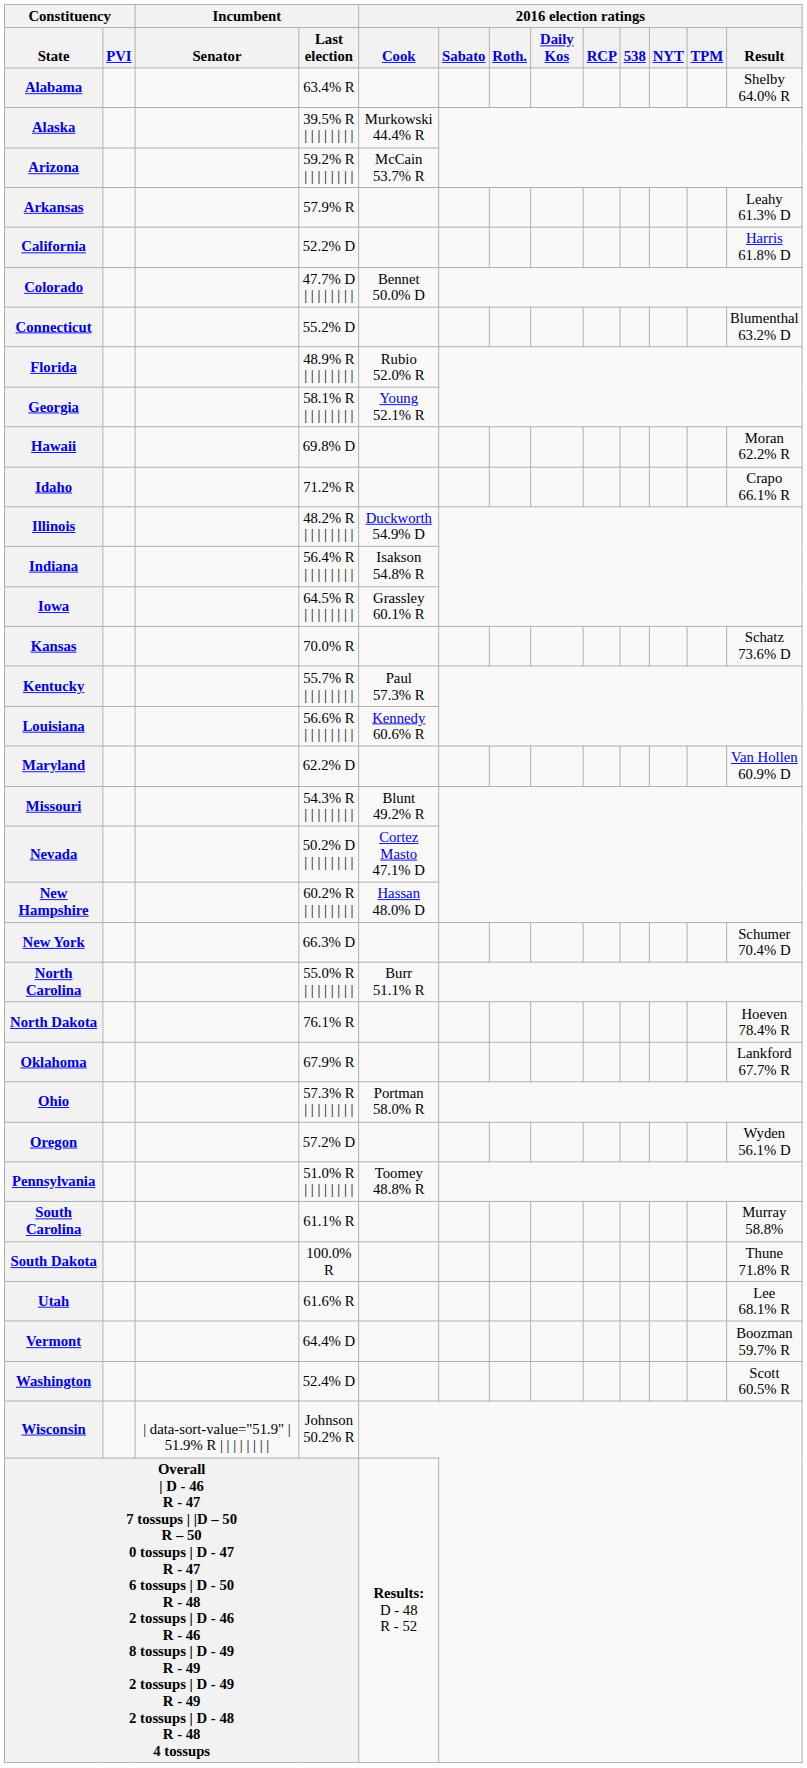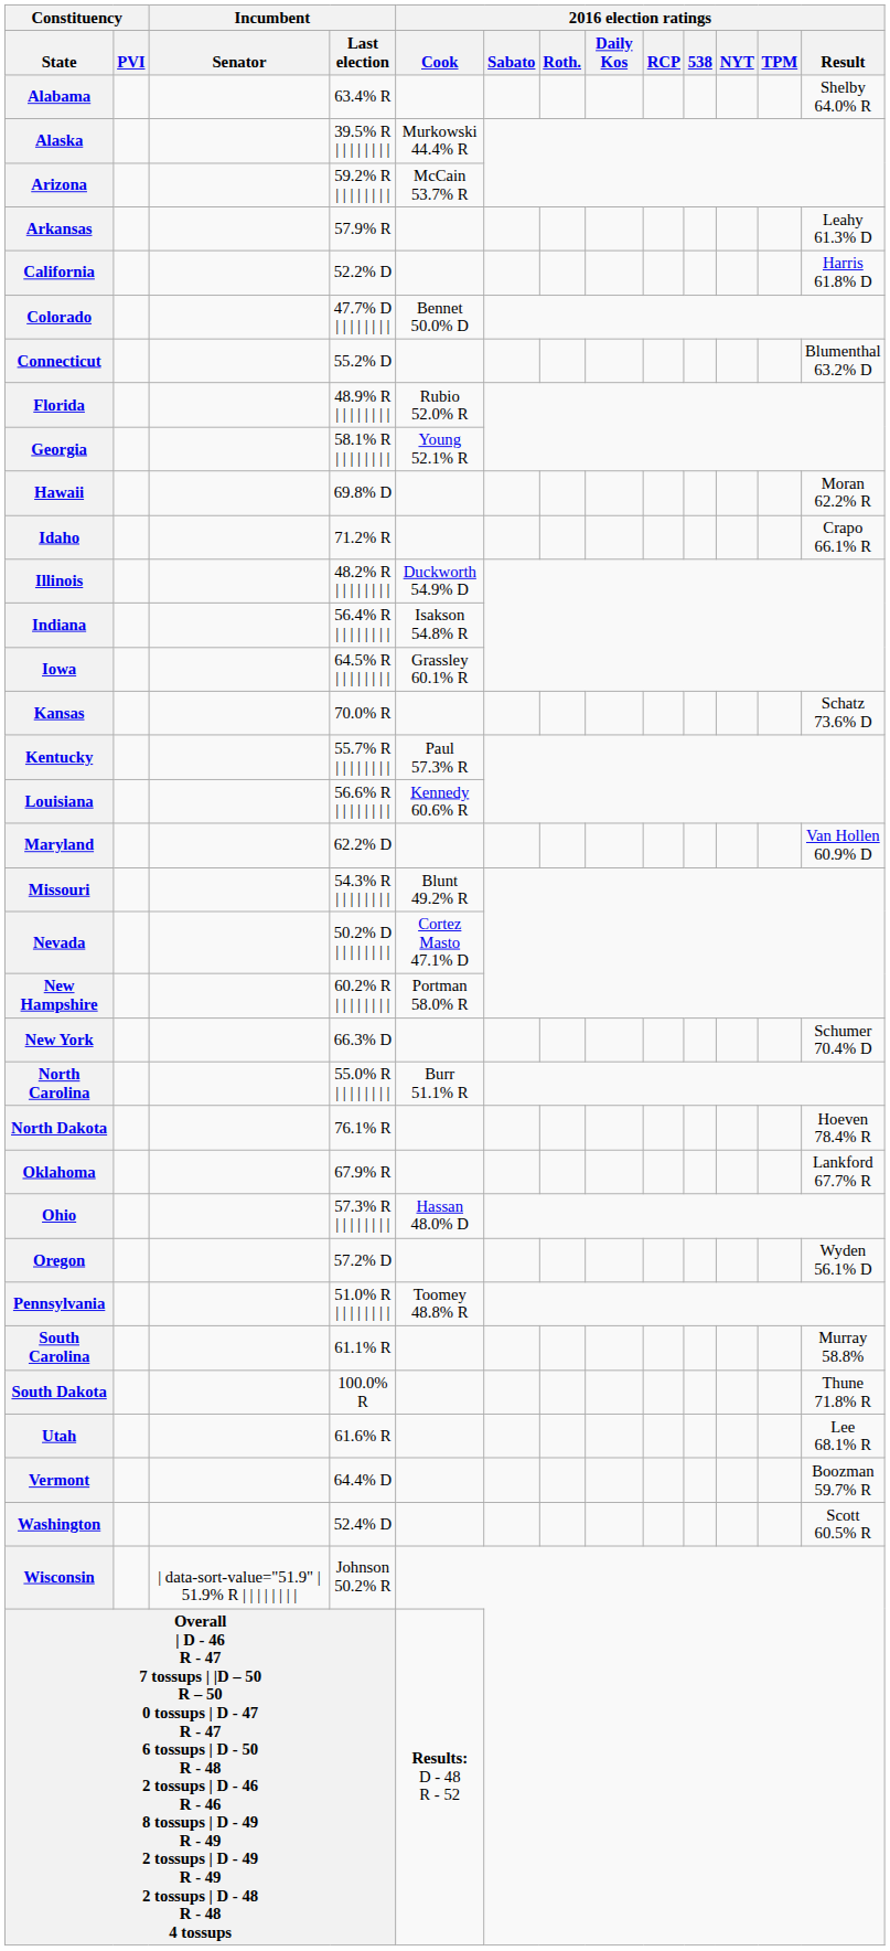 <table class="wikitable sortable" style="text-align:center">
 <tr style="vertical-align:bottom">
 <th colspan=2>Constituency</th>
 <th colspan=2>Incumbent</th>
 <th colspan="9">2016 election ratings</th>
 </tr>
 <tr style="vertical-align:bottom">
 <th>State</th>
 <th><a href='#'>PVI</a></th>
 <th>Senator</th>
 <th data-sort-type="number">Last<br>election</th>
 <th><a href='#'>Cook</a><br></th>
 <th><a href='#'>Sabato</a><br></th>
 <th><a href='#'>Roth.</a><br></th>
 <th><a href='#'>Daily Kos</a><br></th>
 <th><a href='#'>RCP</a><br></th>
 <th><a href='#'>538</a><br></th>
 <th><a href='#'>NYT</a><br></th>
 <th><a href='#'>TPM</a><br></th>
 <th>Result</th>
 </tr>
 <tr>
 <th><a href='#'>Alabama</a></th>
 <td></td>
 <td></td>
 <td>63.4% R</td>
 <td></td>
 <td></td>
 <td></td>
 <td></td>
 <td></td>
 <td></td>
 <td></td>
 <td></td>
 <td>Shelby<br>64.0% R</td>
 </tr>
 <tr>
 <th><a href='#'>Alaska</a></th>
 <td></td>
 <td></td>
 <td>39.5% R<br>|  |  |  |  |  |  |  | </td>
 <td>Murkowski<br>44.4% R</td>
 </tr>
 <tr>
 <th><a href='#'>Arizona</a></th>
 <td></td>
 <td></td>
 <td>59.2% R<br>|  |  |  |  |  |  |  | </td>
 <td>McCain<br>53.7% R</td>
 </tr>
 <tr>
 <th><a href='#'>Arkansas</a></th>
 <td></td>
 <td></td>
 <td>57.9% R</td>
 <td></td>
 <td></td>
 <td></td>
 <td></td>
 <td></td>
 <td></td>
 <td></td>
 <td></td>
 <td>Leahy<br>61.3% D</td>
 </tr>
 <tr>
 <th><a href='#'>California</a></th>
 <td></td>
 <td><br></td>
 <td>52.2% D</td>
 <td></td>
 <td></td>
 <td></td>
 <td></td>
 <td></td>
 <td></td>
 <td></td>
 <td></td>
 <td><a href='#'>Harris</a><br>61.8% D</td>
 </tr>
 <tr>
 <th><a href='#'>Colorado</a></th>
 <td></td>
 <td></td>
 <td>47.7% D<br>|  |  |  |  |  |  |  | </td>
 <td>Bennet<br>50.0% D</td>
 </tr>
 <tr>
 <th><a href='#'>Connecticut</a></th>
 <td></td>
 <td></td>
 <td>55.2% D</td>
 <td></td>
 <td></td>
 <td></td>
 <td></td>
 <td></td>
 <td></td>
 <td></td>
 <td></td>
 <td>Blumenthal<br>63.2% D</td>
 </tr>
 <tr>
 <th><a href='#'>Florida</a></th>
 <td></td>
 <td></td>
 <td>48.9% R<br>|  |  |  |  |  |  |  | </td>
 <td>Rubio<br>52.0% R</td>
 </tr>
 <tr>
 <th><a href='#'>Georgia</a></th>
 <td></td>
 <td></td>
 <td>58.1% R<br>|  |  |  |  |  |  |  | </td>
 <td><a href='#'>Young</a><br>52.1% R</td>
 </tr>
 <tr>
 <th><a href='#'>Hawaii</a></th>
 <td></td>
 <td></td>
 <td>69.8% D<br></td>
 <td></td>
 <td></td>
 <td></td>
 <td></td>
 <td></td>
 <td></td>
 <td></td>
 <td></td>
 <td>Moran<br>62.2% R</td>
 </tr>
 <tr>
 <th><a href='#'>Idaho</a></th>
 <td></td>
 <td></td>
 <td>71.2% R</td>
 <td></td>
 <td></td>
 <td></td>
 <td></td>
 <td></td>
 <td></td>
 <td></td>
 <td></td>
 <td>Crapo<br>66.1% R</td>
 </tr>
 <tr>
 <th><a href='#'>Illinois</a></th>
 <td></td>
 <td></td>
 <td>48.2% R<br>|  |  |  |  |  |  |  | </td>
 <td><a href='#'>Duckworth</a><br>54.9% D </td>
 </tr>
 <tr>
 <th><a href='#'>Indiana</a></th>
 <td></td>
 <td><br></td>
 <td>56.4% R<br>|  |  |  |  |  |  |  | </td>
 <td>Isakson<br>54.8% R</td>
 </tr>
 <tr>
 <th><a href='#'>Iowa</a></th>
 <td></td>
 <td></td>
 <td>64.5% R<br>|  |  |  |  |  |  |  | </td>
 <td>Grassley<br>60.1% R</td>
 </tr>
 <tr>
 <th><a href='#'>Kansas</a></th>
 <td></td>
 <td></td>
 <td>70.0% R</td>
 <td></td>
 <td></td>
 <td></td>
 <td></td>
 <td></td>
 <td></td>
 <td></td>
 <td></td>
 <td>Schatz<br>73.6% D</td>
 </tr>
 <tr>
 <th><a href='#'>Kentucky</a></th>
 <td></td>
 <td></td>
 <td>55.7% R<br>|  |  |  |  |  |  |  | </td>
 <td>Paul<br>57.3% R</td>
 </tr>
 <tr>
 <th><a href='#'>Louisiana</a></th>
 <td></td>
 <td><br></td>
 <td>56.6% R<br>|  |  |  |  |  |  |  | </td>
 <td><a href='#'>Kennedy</a><br>60.6% R</td>
 </tr>
 <tr>
 <th><a href='#'>Maryland</a></th>
 <td></td>
 <td><br></td>
 <td>62.2% D</td>
 <td></td>
 <td></td>
 <td></td>
 <td></td>
 <td></td>
 <td></td>
 <td></td>
 <td></td>
 <td><a href='#'>Van Hollen</a><br>60.9% D</td>
 </tr>
 <tr>
 <th><a href='#'>Missouri</a></th>
 <td></td>
 <td></td>
 <td>54.3% R<br>|  |  |  |  |  |  |  | </td>
 <td>Blunt<br>49.2% R</td>
 </tr>
 <tr>
 <th><a href='#'>Nevada</a></th>
 <td></td>
 <td><br></td>
 <td>50.2% D<br>|  |  |  |  |  |  |  | </td>
 <td><a href='#'>Cortez Masto</a><br>47.1% D</td>
 </tr>
 <tr>
 <th><a href='#'>New Hampshire</a></th>
 <td></td>
 <td></td>
 <td>60.2% R<br>|  |  |  |  |  |  |  | </td>
-<td><a href='#'>Hassan</a><br>48.0% D </td>
+<td>Portman<br>58.0% R</td>
 </tr>
 <tr>
 <th><a href='#'>New York</a></th>
 <td></td>
 <td></td>
 <td>66.3% D</td>
 <td></td>
 <td></td>
 <td></td>
 <td></td>
 <td></td>
 <td></td>
 <td></td>
 <td></td>
 <td>Schumer<br>70.4% D</td>
 </tr>
 <tr>
 <th><a href='#'>North Carolina</a></th>
 <td></td>
 <td></td>
 <td>55.0% R<br>|  |  |  |  |  |  |  | </td>
 <td>Burr<br>51.1% R</td>
 </tr>
 <tr>
 <th><a href='#'>North Dakota</a></th>
 <td></td>
 <td></td>
 <td>76.1% R</td>
 <td></td>
 <td></td>
 <td></td>
 <td></td>
 <td></td>
 <td></td>
 <td></td>
 <td></td>
 <td>Hoeven<br>78.4% R</td>
 </tr>
 <tr>
 <th><a href='#'>Oklahoma</a></th>
 <td></td>
 <td></td>
 <td>67.9% R<br></td>
 <td></td>
 <td></td>
 <td></td>
 <td></td>
 <td></td>
 <td></td>
 <td></td>
 <td></td>
 <td>Lankford<br>67.7% R</td>
 </tr>
 <tr>
 <th><a href='#'>Ohio</a></th>
 <td></td>
 <td></td>
 <td>57.3% R<br>|  |  |  |  |  |  |  | </td>
-<td>Portman<br>58.0% R</td>
+<td><a href='#'>Hassan</a><br>48.0% D </td>
 </tr>
 <tr>
 <th><a href='#'>Oregon</a></th>
 <td></td>
 <td></td>
 <td>57.2% D</td>
 <td></td>
 <td></td>
 <td></td>
 <td></td>
 <td></td>
 <td></td>
 <td></td>
 <td></td>
 <td>Wyden<br>56.1% D</td>
 </tr>
 <tr>
 <th><a href='#'>Pennsylvania</a></th>
 <td></td>
 <td></td>
 <td>51.0% R<br>|  |  |  |  |  |  |  | </td>
 <td>Toomey<br>48.8% R</td>
 </tr>
 <tr>
 <th><a href='#'>South Carolina</a></th>
 <td></td>
 <td></td>
 <td>61.1% R<br></td>
 <td></td>
 <td></td>
 <td></td>
 <td></td>
 <td></td>
 <td></td>
 <td></td>
 <td></td>
 <td>Murray<br>58.8%</td>
 </tr>
 <tr>
 <th><a href='#'>South Dakota</a></th>
 <td></td>
 <td></td>
 <td>100.0% R</td>
 <td></td>
 <td></td>
 <td></td>
 <td></td>
 <td></td>
 <td></td>
 <td></td>
 <td></td>
 <td>Thune<br>71.8% R</td>
 </tr>
 <tr>
 <th><a href='#'>Utah</a></th>
 <td></td>
 <td></td>
 <td>61.6% R</td>
 <td></td>
 <td></td>
 <td></td>
 <td></td>
 <td></td>
 <td></td>
 <td></td>
 <td></td>
 <td>Lee<br>68.1% R</td>
 </tr>
 <tr>
 <th><a href='#'>Vermont</a></th>
 <td></td>
 <td></td>
 <td>64.4% D</td>
 <td></td>
 <td></td>
 <td></td>
 <td></td>
 <td></td>
 <td></td>
 <td></td>
 <td></td>
 <td>Boozman<br>59.7% R</td>
 </tr>
 <tr>
 <th><a href='#'>Washington</a></th>
 <td></td>
 <td></td>
 <td>52.4% D</td>
 <td></td>
 <td></td>
 <td></td>
 <td></td>
 <td></td>
 <td></td>
 <td></td>
 <td></td>
 <td>Scott<br>60.5% R</td>
 </tr>
 <tr>
 <th><a href='#'>Wisconsin</a></th>
 <td></td>
 <td><br>|  data-sort-value="51.9" | 51.9% R |  |  |  |  |  |  |  | </td>
 <td>Johnson<br>50.2% R</td>
 </tr>
 <tr>
 <th colspan=4>Overall<br>| D - 46<br>R - 47<br>7 tossups |  |D – 50<br>R – 50<br>0 tossups | D - 47<br>R - 47<br>6 tossups | D - 50<br>R - 48<br>2 tossups | D - 46<br>R - 46<br>8 tossups | D - 49<br>R - 49<br>2 tossups | D - 49<br>R - 49<br>2 tossups | D - 48<br>R - 48<br>4 tossups</th>
 <td><strong>Results:</strong><br>D - 48<br>R - 52</td>
 </tr>
 </table>
